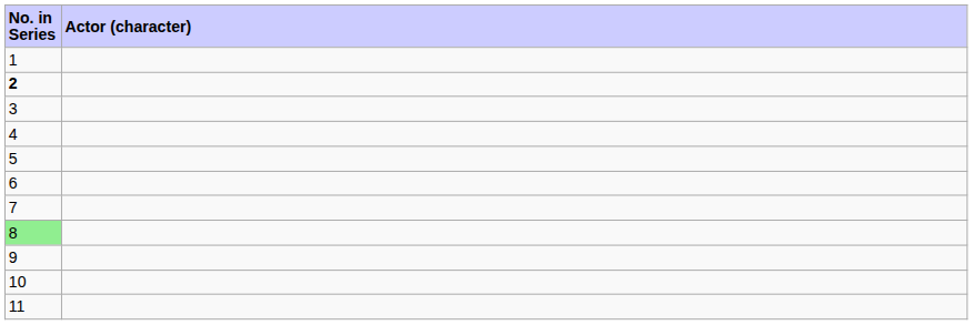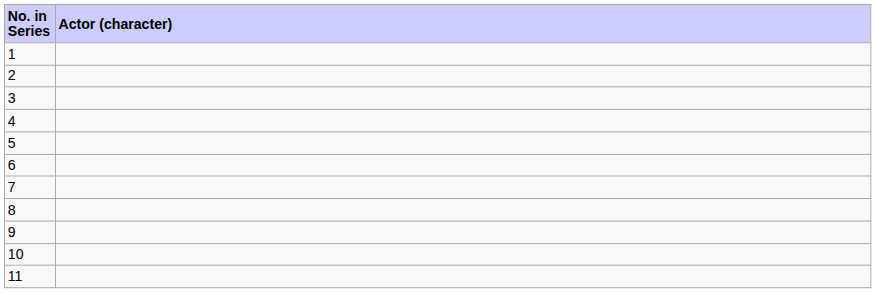 <table class="wikitable mw-collapsible mw-collapsed center" style="font-size: 90%; width:70%; left:0 auto;">
 <tr style="background-color: #CCCCFF">
 <td scope="col" style="width: 45px;"><strong>No. in Series</strong></td>
 <td><strong>Actor (character)</strong></td>
 </tr>
 <tr>
 <td>1</td>
 <td scope="col" align="left"></td>
 </tr>
 <tr>
-<td><strong>2</strong></td>
+<td>2</td>
 <td scope="col" align="left"></td>
 </tr>
 <tr>
 <td>3</td>
 <td scope="col" align="left"></td>
 </tr>
 <tr>
 <td>4</td>
 <td scope="col" align="left"></td>
 </tr>
 <tr>
 <td>5</td>
 <td scope="col" align="left"></td>
 </tr>
 <tr>
 <td>6</td>
 <td scope="col" align="left"></td>
 </tr>
 <tr>
 <td>7</td>
 <td scope="col" align="left"></td>
 </tr>
 <tr>
-<td style="background: lightgreen;">8</td>
+<td>8</td>
 <td scope="col" align="left"></td>
 </tr>
 <tr>
 <td>9</td>
 <td scope="col" align="left"></td>
 </tr>
 <tr>
 <td>10</td>
 <td scope="col" align="left"></td>
 </tr>
 <tr>
 <td>11</td>
 <td scope="col" align="left"></td>
 </tr>
 </table>
